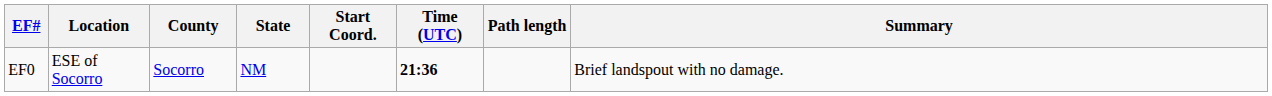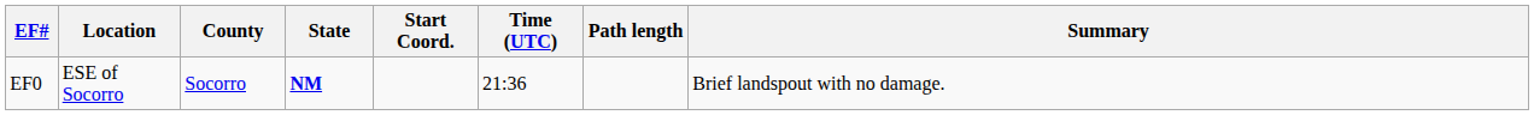 <table class="wikitable sortable" style="width:100%;">
 <tr>
 <th scope="col"  style="width:3%; text-align:center;"><a href='#'>EF#</a></th>
 <th scope="col"  style="width:7%; text-align:center;" class="unsortable">Location</th>
 <th scope="col"  style="width:6%; text-align:center;" class="unsortable">County</th>
 <th scope="col"  style="width:5%; text-align:center;">State</th>
 <th scope="col"  style="width:6%; text-align:center;">Start Coord.</th>
 <th scope="col"  style="width:6%; text-align:center;">Time (<a href='#'>UTC</a>)</th>
 <th scope="col"  style="width:6%; text-align:center;">Path length</th>
 <th scope="col" class="unsortable" style="width:48%; text-align:center;">Summary</th>
 </tr>
 <tr>
 <td>EF0</td>
 <td>ESE of <a href='#'>Socorro</a></td>
 <td><a href='#'>Socorro</a></td>
-<td><a href='#'>NM</a></td>
+<td><strong><a href='#'>NM</a></strong></td>
 <td></td>
-<td><strong>21:36</strong></td>
+<td>21:36</td>
 <td></td>
 <td>Brief landspout with no damage.</td>
 </tr>
 <tr>
 </tr>
 </table>
